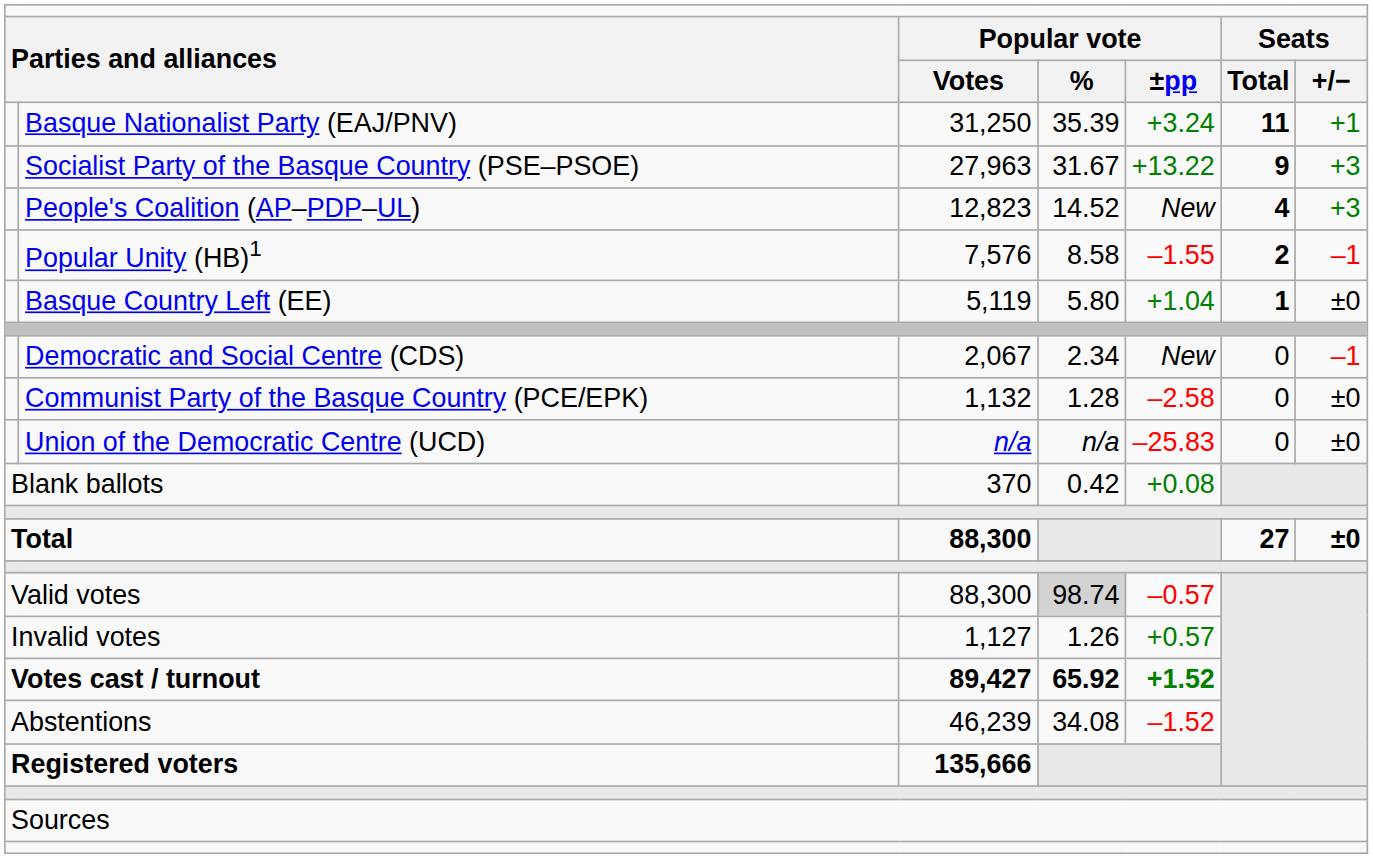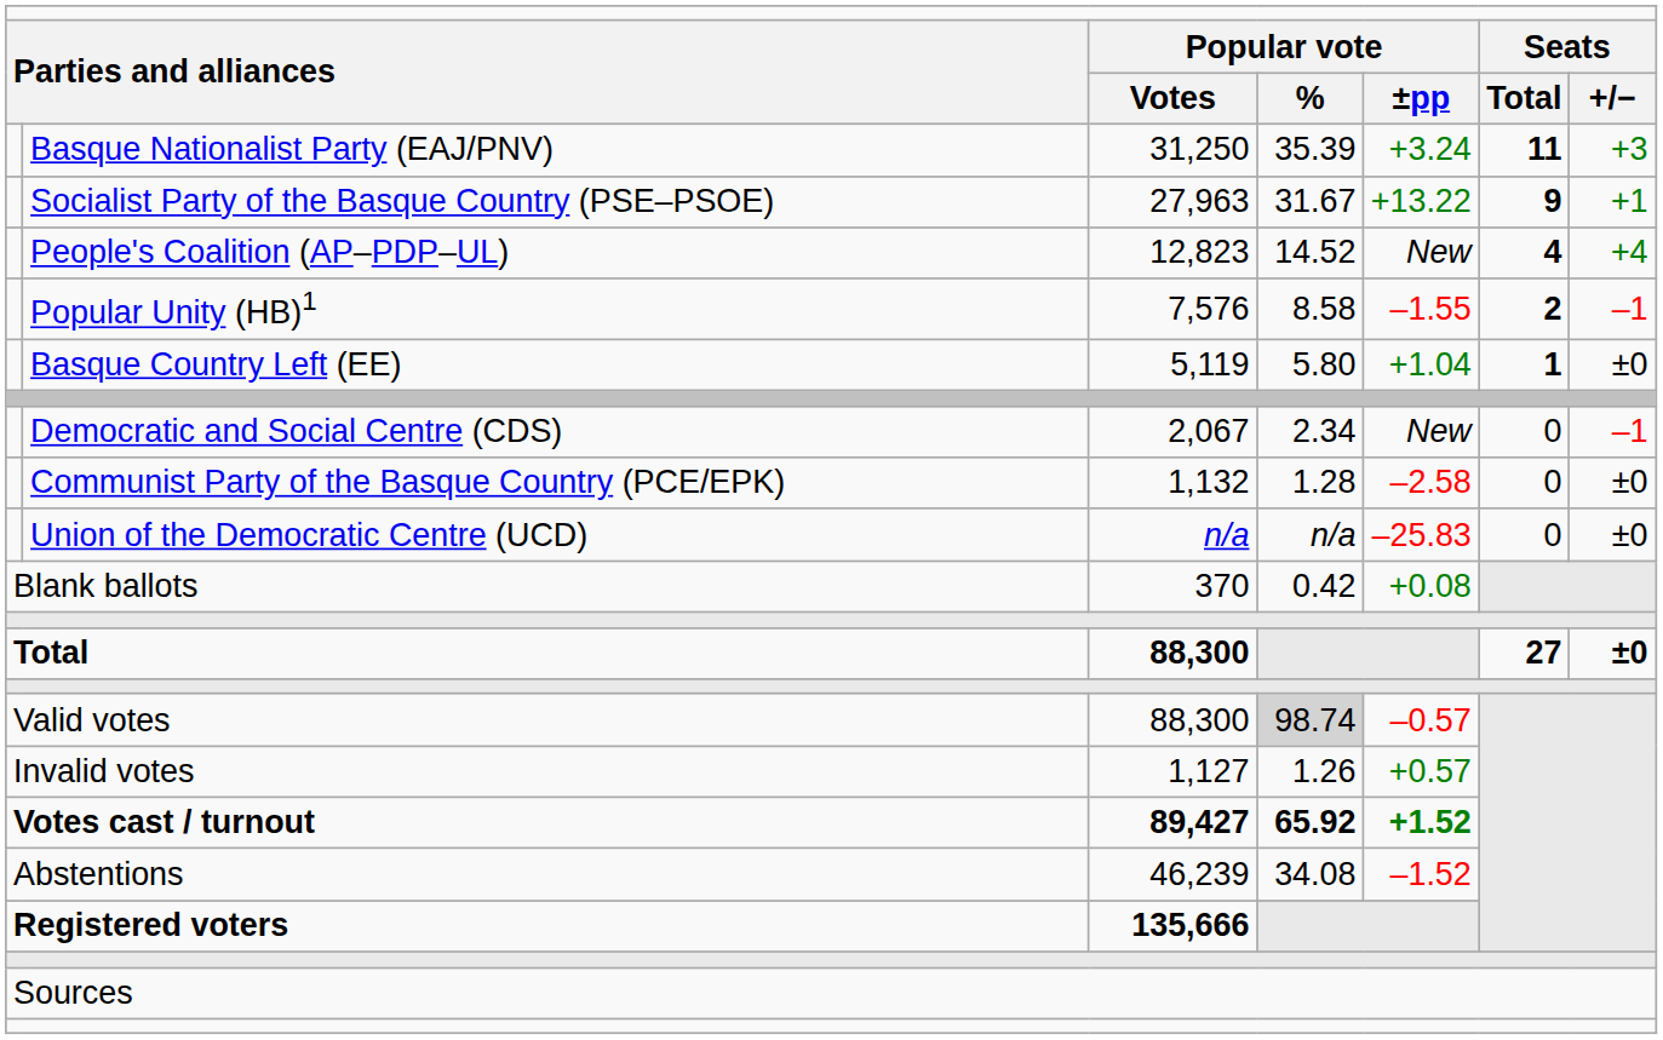 <table class="wikitable" style="text-align:right;">
 <tr>
 <td colspan="7"></td>
 </tr>
 <tr>
 <th style="text-align:left;" rowspan="2" colspan="2" width="525">Parties and alliances</th>
 <th colspan="3">Popular vote</th>
 <th colspan="2">Seats</th>
 </tr>
 <tr>
 <th width="75">Votes</th>
 <th width="45">%</th>
 <th width="45">±<a href='#'>pp</a></th>
 <th width="35">Total</th>
 <th width="35">+/−</th>
 </tr>
 <tr>
 <td width="1" style="color:inherit;background:"></td>
 <td align="left"><a href='#'>Basque Nationalist Party</a> (EAJ/PNV)</td>
 <td>31,250</td>
 <td>35.39</td>
 <td style="color:green;">+3.24</td>
 <td><strong>11</strong></td>
-<td style="color:green;">+1</td>
+<td style="color:green;">+3</td>
 </tr>
 <tr>
 <td style="color:inherit;background:"></td>
 <td align="left"><a href='#'>Socialist Party of the Basque Country</a> (PSE–PSOE)</td>
 <td>27,963</td>
 <td>31.67</td>
 <td style="color:green;">+13.22</td>
 <td><strong>9</strong></td>
-<td style="color:green;">+3</td>
+<td style="color:green;">+1</td>
 </tr>
 <tr>
 <td style="color:inherit;background:"></td>
 <td align="left"><a href='#'>People's Coalition</a> (<a href='#'>AP</a>–<a href='#'>PDP</a>–<a href='#'>UL</a>)</td>
 <td>12,823</td>
 <td>14.52</td>
 <td><em>New</em></td>
 <td><strong>4</strong></td>
-<td style="color:green;">+3</td>
+<td style="color:green;">+4</td>
 </tr>
 <tr>
 <td style="color:inherit;background:"></td>
 <td align="left"><a href='#'>Popular Unity</a> (HB)<sup>1</sup></td>
 <td>7,576</td>
 <td>8.58</td>
 <td style="color:red;">–1.55</td>
 <td><strong>2</strong></td>
 <td style="color:red;">–1</td>
 </tr>
 <tr>
 <td style="color:inherit;background:"></td>
 <td align="left"><a href='#'>Basque Country Left</a> (EE)</td>
 <td>5,119</td>
 <td>5.80</td>
 <td style="color:green;">+1.04</td>
 <td><strong>1</strong></td>
 <td>±0</td>
 </tr>
 <tr>
 <td colspan="7" bgcolor="#C0C0C0"></td>
 </tr>
 <tr>
 <td style="color:inherit;background:"></td>
 <td align="left"><a href='#'>Democratic and Social Centre</a> (CDS)</td>
 <td>2,067</td>
 <td>2.34</td>
 <td><em>New</em></td>
 <td>0</td>
 <td style="color:red;">–1</td>
 </tr>
 <tr>
 <td style="color:inherit;background:"></td>
 <td align="left"><a href='#'>Communist Party of the Basque Country</a> (PCE/EPK)</td>
 <td>1,132</td>
 <td>1.28</td>
 <td style="color:red;">–2.58</td>
 <td>0</td>
 <td>±0</td>
 </tr>
 <tr>
 <td style="color:inherit;background:"></td>
 <td align="left"><a href='#'>Union of the Democratic Centre</a> (UCD)</td>
 <td><em><a href='#'>n/a</a></em></td>
 <td><em>n/a</em></td>
 <td style="color:red;">–25.83</td>
 <td>0</td>
 <td>±0</td>
 </tr>
 <tr>
 <td align="left" colspan="2">Blank ballots</td>
 <td>370</td>
 <td>0.42</td>
 <td style="color:green;">+0.08</td>
 <td bgcolor="#E9E9E9" colspan="2"></td>
 </tr>
 <tr>
 <td colspan="7" bgcolor="#E9E9E9"></td>
 </tr>
 <tr style="font-weight:bold;">
 <td align="left" colspan="2">Total</td>
 <td>88,300</td>
 <td bgcolor="#E9E9E9" colspan="2"></td>
 <td>27</td>
 <td>±0</td>
 </tr>
 <tr>
 <td colspan="7" bgcolor="#E9E9E9"></td>
 </tr>
 <tr>
 <td align="left" colspan="2">Valid votes</td>
 <td>88,300</td>
 <td style="background: lightgrey;">98.74</td>
 <td style="color:red;">–0.57</td>
 <td bgcolor="#E9E9E9" colspan="2" rowspan="5"></td>
 </tr>
 <tr>
 <td align="left" colspan="2">Invalid votes</td>
 <td>1,127</td>
 <td>1.26</td>
 <td style="color:green;">+0.57</td>
 </tr>
 <tr style="font-weight:bold;">
 <td align="left" colspan="2">Votes cast / turnout</td>
 <td>89,427</td>
 <td>65.92</td>
 <td style="color:green;">+1.52</td>
 </tr>
 <tr>
 <td align="left" colspan="2">Abstentions</td>
 <td>46,239</td>
 <td>34.08</td>
 <td style="color:red;">–1.52</td>
 </tr>
 <tr style="font-weight:bold;">
 <td align="left" colspan="2">Registered voters</td>
 <td>135,666</td>
 <td bgcolor="#E9E9E9" colspan="2"></td>
 </tr>
 <tr>
 <td colspan="7" bgcolor="#E9E9E9"></td>
 </tr>
 <tr>
 <td align="left" colspan="7">Sources</td>
 </tr>
 <tr>
 <td colspan="7" style="text-align:left; max-width:790px;"></td>
 </tr>
 </table>
